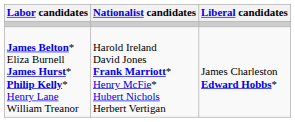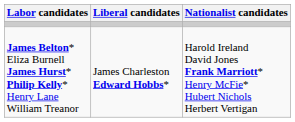 <table class="wikitable">
 <tr>
 <th><a href='#'>Labor</a> candidates</th>
+<th><a href='#'>Liberal</a> candidates</th>
 <th><a href='#'>Nationalist</a> candidates</th>
-<th><a href='#'>Liberal</a> candidates</th>
 </tr>
 <tr bgcolor="#cccccc">
 <td></td>
 <td></td>
 <td></td>
 </tr>
 <tr>
 <td><br><strong><a href='#'>James Belton</a></strong>*<br> Eliza Burnell<br> <strong><a href='#'>James Hurst</a></strong>*<br> <strong><a href='#'>Philip Kelly</a></strong>*<br> <a href='#'>Henry Lane</a><br> William Treanor</td>
+<td><br>James Charleston<br> <strong><a href='#'>Edward Hobbs</a></strong>*</td>
 <td><br>Harold Ireland<br> David Jones<br> <strong><a href='#'>Frank Marriott</a></strong>*<br> <a href='#'>Henry McFie</a>*<br> <a href='#'>Hubert Nichols</a><br> Herbert Vertigan</td>
-<td><br>James Charleston<br> <strong><a href='#'>Edward Hobbs</a></strong>*</td>
 </tr>
 </table>
